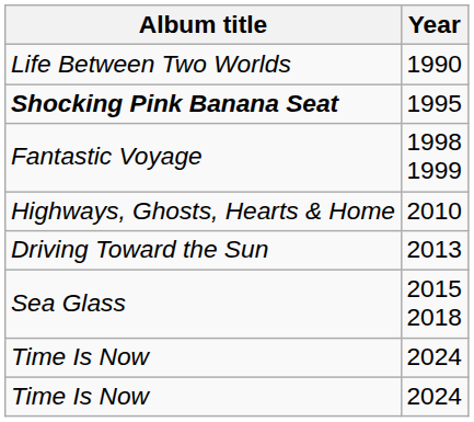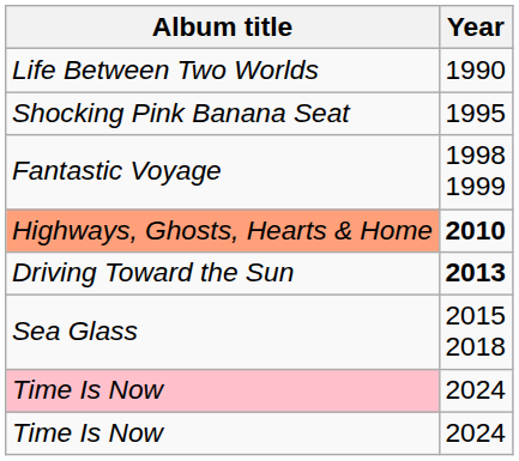 <table class="wikitable sortable">
 <tr>
 <th>Album title</th>
 <th>Year</th>
 </tr>
 <tr>
 <td><em>Life Between Two Worlds</em></td>
 <td>1990</td>
 </tr>
 <tr>
-<td><strong><em>Shocking Pink Banana Seat</em></strong></td>
+<td><em>Shocking Pink Banana Seat</em></td>
 <td>1995</td>
 </tr>
 <tr>
 <td><em>Fantastic Voyage</em> </td>
 <td>1998 <br>1999 </td>
 </tr>
 <tr>
-<td><em>Highways, Ghosts, Hearts & Home</em></td>
-<td>2010</td>
+<td style="background: lightsalmon;"><em>Highways, Ghosts, Hearts & Home</em></td>
+<td><strong>2010</strong></td>
 </tr>
 <tr>
 <td><em>Driving Toward the Sun</em></td>
-<td>2013</td>
+<td><strong>2013</strong></td>
 </tr>
 <tr>
 <td><em>Sea Glass</em></td>
 <td>2015<br>2018 </td>
 </tr>
 <tr>
-<td><em>Time Is Now</em></td>
+<td style="background: pink;"><em>Time Is Now</em></td>
 <td>2024 </td>
 </tr>
 <tr>
 <td><em>Time Is Now</em></td>
 <td>2024 </td>
 </tr>
 </table>
